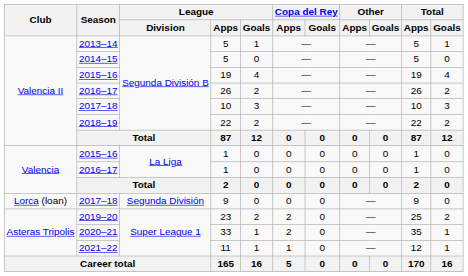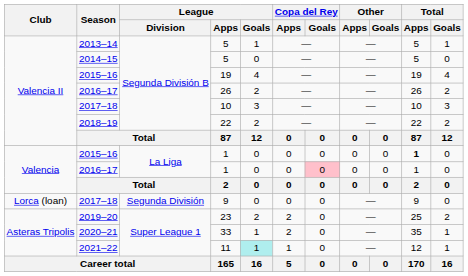 <table class="wikitable" style="text-align:center">
 <tr>
 <th rowspan="2">Club</th>
 <th rowspan="2">Season</th>
 <th colspan="3">League</th>
 <th colspan="2"><a href='#'>Copa del Rey</a></th>
 <th colspan="2">Other</th>
 <th colspan="2">Total</th>
 </tr>
 <tr>
 <th>Division</th>
 <th>Apps</th>
 <th>Goals</th>
 <th>Apps</th>
 <th>Goals</th>
 <th>Apps</th>
 <th>Goals</th>
 <th>Apps</th>
 <th>Goals</th>
 </tr>
 <tr>
 <td rowspan="7"><a href='#'>Valencia II</a></td>
 <td><a href='#'>2013–14</a></td>
 <td rowspan="6"><a href='#'>Segunda División B</a></td>
 <td>5</td>
 <td>1</td>
 <td colspan="2">—</td>
 <td colspan="2">—</td>
 <td>5</td>
 <td>1</td>
 </tr>
 <tr>
 <td><a href='#'>2014–15</a></td>
 <td>5</td>
 <td>0</td>
 <td colspan="2">—</td>
 <td colspan="2">—</td>
 <td>5</td>
 <td>0</td>
 </tr>
 <tr>
 <td><a href='#'>2015–16</a></td>
 <td>19</td>
 <td>4</td>
 <td colspan="2">—</td>
 <td colspan="2">—</td>
 <td>19</td>
 <td>4</td>
 </tr>
 <tr>
 <td><a href='#'>2016–17</a></td>
 <td>26</td>
 <td>2</td>
 <td colspan="2">—</td>
 <td colspan="2">—</td>
 <td>26</td>
 <td>2</td>
 </tr>
 <tr>
 <td><a href='#'>2017–18</a></td>
 <td>10</td>
 <td>3</td>
 <td colspan="2">—</td>
 <td colspan="2">—</td>
 <td>10</td>
 <td>3</td>
 </tr>
 <tr>
 <td><a href='#'>2018–19</a></td>
 <td>22</td>
 <td>2</td>
 <td colspan="2">—</td>
 <td colspan="2">—</td>
 <td>22</td>
 <td>2</td>
 </tr>
 <tr>
 <th colspan="2">Total</th>
 <th>87</th>
 <th>12</th>
 <th>0</th>
 <th>0</th>
 <th>0</th>
 <th>0</th>
 <th>87</th>
 <th>12</th>
 </tr>
 <tr>
 <td rowspan="3"><a href='#'>Valencia</a></td>
 <td><a href='#'>2015–16</a></td>
 <td rowspan="2"><a href='#'>La Liga</a></td>
 <td>1</td>
 <td>0</td>
 <td>0</td>
 <td>0</td>
 <td>0</td>
 <td>0</td>
-<td>1</td>
+<td><strong>1</strong></td>
 <td>0</td>
 </tr>
 <tr>
 <td><a href='#'>2016–17</a></td>
 <td>1</td>
 <td>0</td>
 <td>0</td>
-<td>0</td>
+<td style="background: pink;">0</td>
 <td>0</td>
 <td>0</td>
 <td>1</td>
 <td>0</td>
 </tr>
 <tr>
 <th colspan="2">Total</th>
 <th>2</th>
 <th>0</th>
 <th>0</th>
 <th>0</th>
 <th>0</th>
 <th>0</th>
 <th>2</th>
 <th>0</th>
 </tr>
 <tr>
 <td><a href='#'>Lorca</a> (loan)</td>
 <td><a href='#'>2017–18</a></td>
 <td><a href='#'>Segunda División</a></td>
 <td>9</td>
 <td>0</td>
 <td>0</td>
 <td>0</td>
 <td colspan="2">—</td>
 <td>9</td>
 <td>0</td>
 </tr>
 <tr>
 <td rowspan="3"><a href='#'>Asteras Tripolis</a></td>
 <td><a href='#'>2019–20</a></td>
 <td rowspan="3"><a href='#'>Super League 1</a></td>
 <td>23</td>
 <td>2</td>
 <td>2</td>
 <td>0</td>
 <td colspan="2">—</td>
 <td>25</td>
 <td>2</td>
 </tr>
 <tr>
 <td><a href='#'>2020–21</a></td>
 <td>33</td>
 <td>1</td>
 <td>2</td>
 <td>0</td>
 <td colspan="2">—</td>
 <td>35</td>
 <td>1</td>
 </tr>
 <tr>
 <td><a href='#'>2021–22</a></td>
 <td>11</td>
-<td>1</td>
+<td style="background: paleturquoise;">1</td>
 <td>1</td>
 <td>0</td>
 <td colspan="2">—</td>
 <td>12</td>
 <td>1</td>
 </tr>
 <tr>
 <th colspan="3">Career total</th>
 <th>165</th>
 <th>16</th>
 <th>5</th>
 <th>0</th>
 <th>0</th>
 <th>0</th>
 <th>170</th>
 <th>16</th>
 </tr>
 </table>
